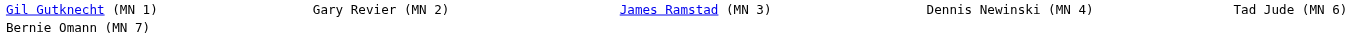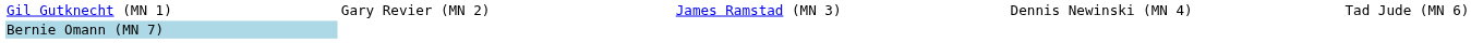 <table width="100%">
 <tr>
 <td width="20%"><a href='#'>Gil Gutknecht</a> (MN 1)</td>
 <td width="20%">Gary Revier (MN 2)</td>
 <td width="20%"><a href='#'>James Ramstad</a> (MN 3)</td>
 <td width="20%">Dennis Newinski (MN 4)</td>
 <td width="20%">Tad Jude (MN 6)</td>
 </tr>
 <tr>
-<td>Bernie Omann (MN 7)</td>
+<td style="background: lightblue;">Bernie Omann (MN 7)</td>
 </tr>
 </table>
